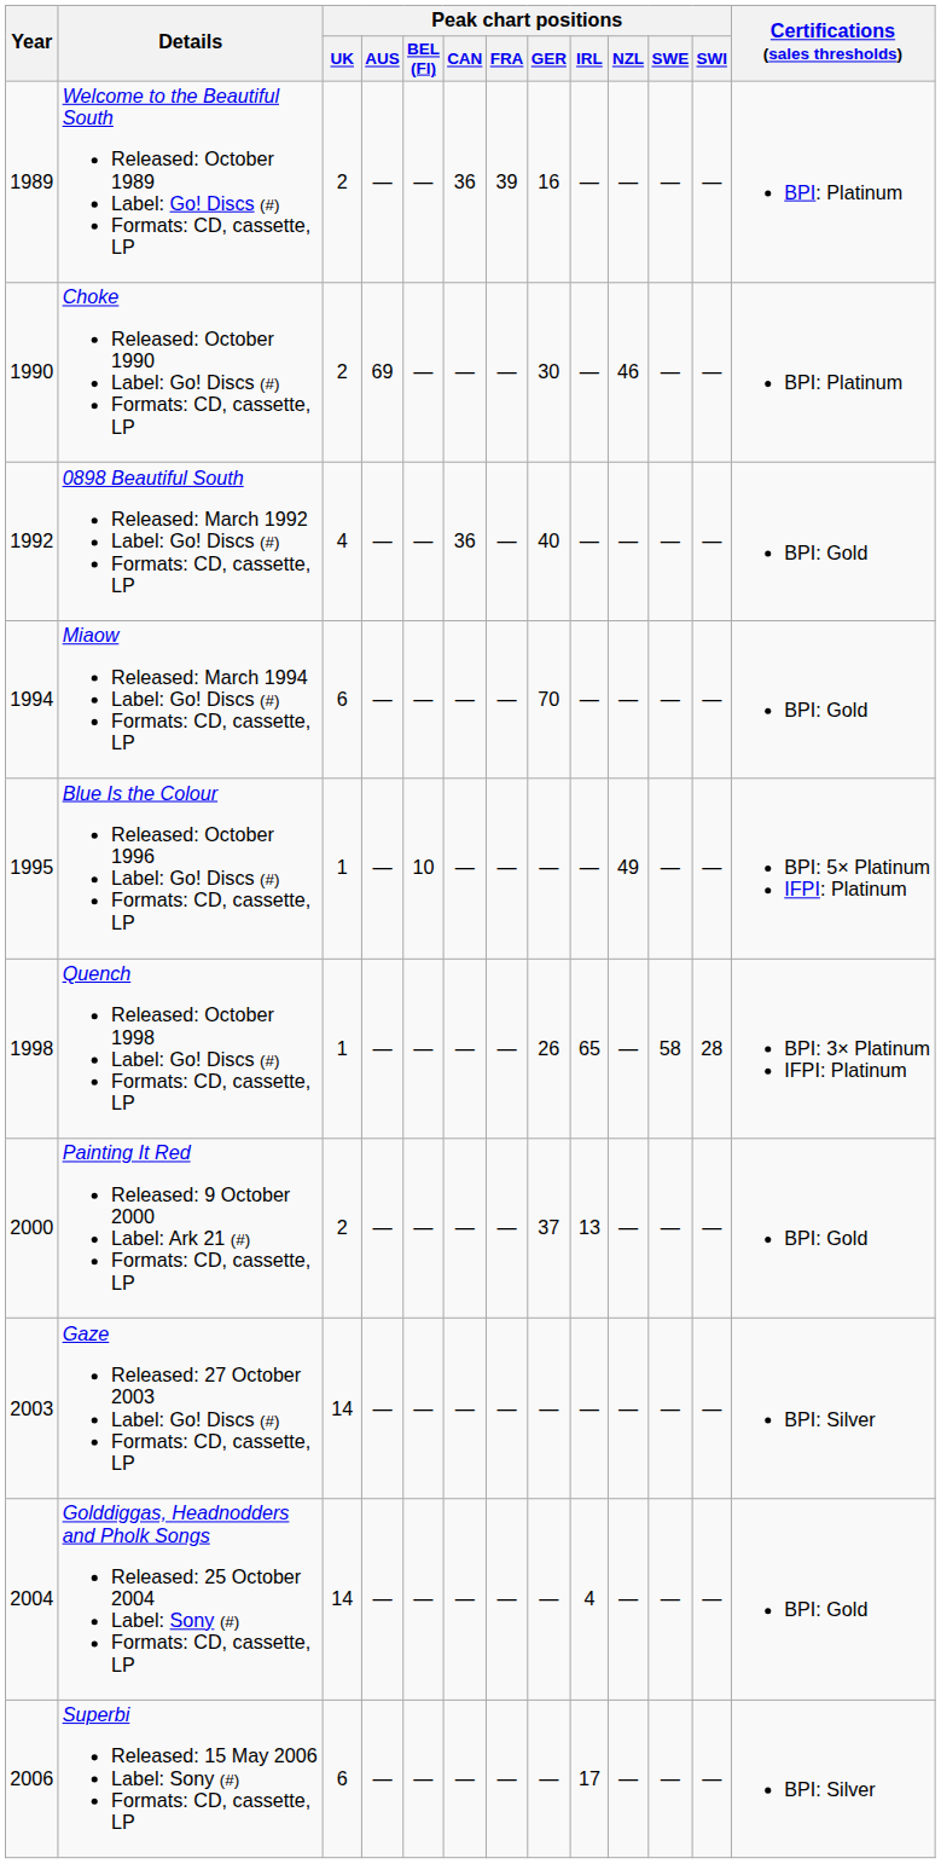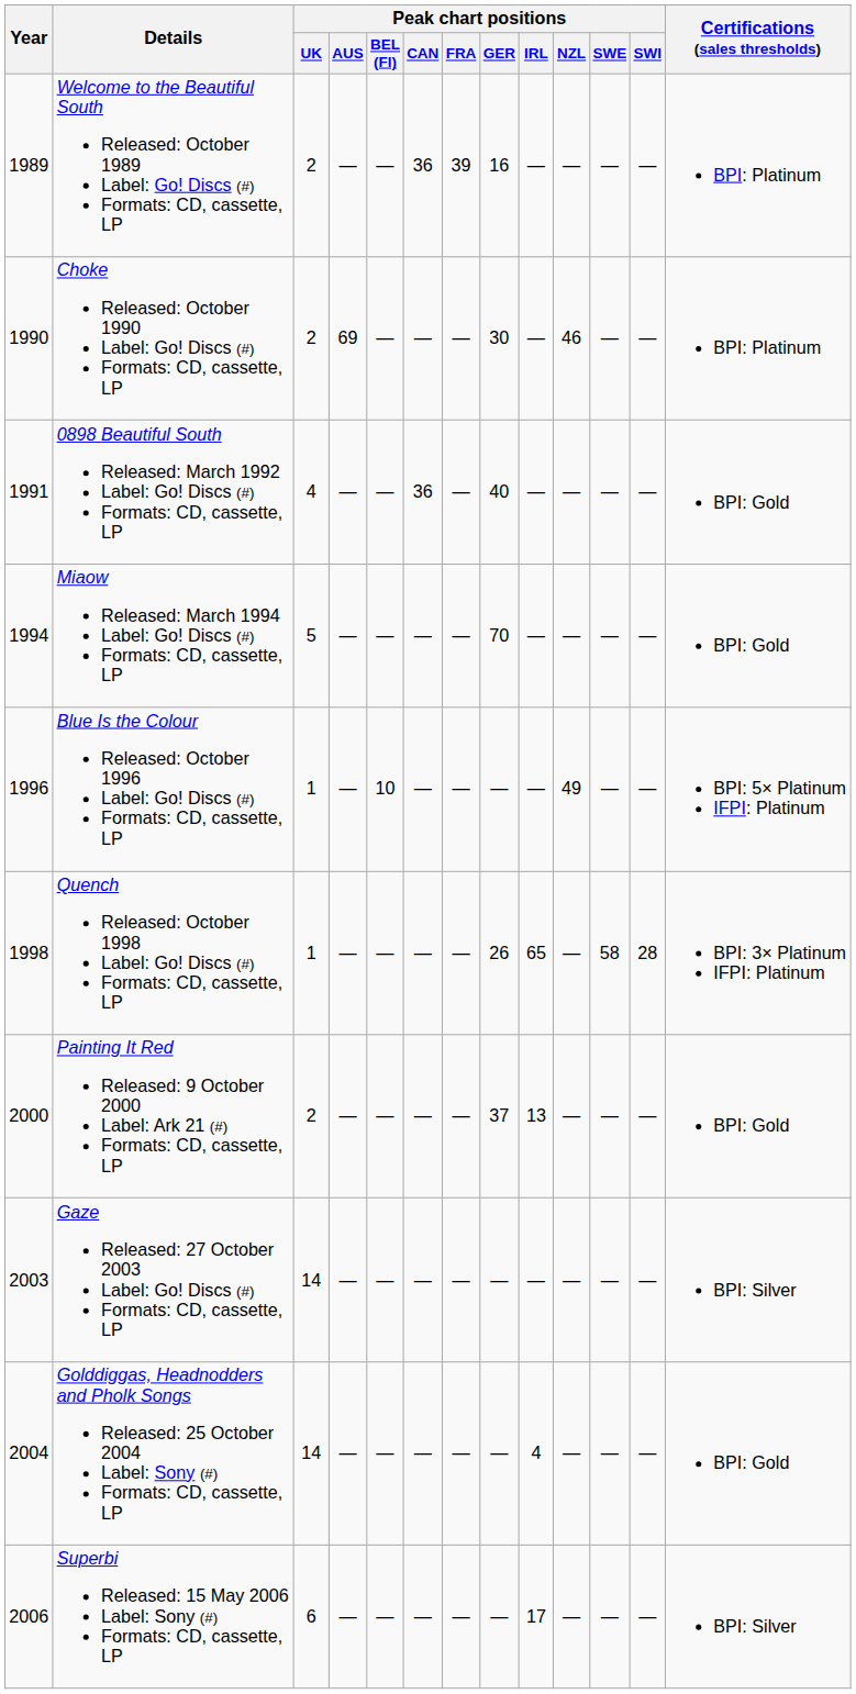 <table class="wikitable" style="text-align:center;">
 <tr>
 <th rowspan="2">Year</th>
 <th width="210" rowspan="2">Details</th>
 <th colspan="10">Peak chart positions</th>
 <th rowspan="2"><a href='#'>Certifications</a><br><small>(<a href='#'>sales thresholds</a>)</small></th>
 </tr>
 <tr style="font-size:smaller">
 <th width="25"><a href='#'>UK</a><br></th>
 <th width="25"><a href='#'>AUS</a><br></th>
 <th width="25"><a href='#'>BEL (Fl)</a><br></th>
 <th width="25"><a href='#'>CAN</a><br></th>
 <th width="25"><a href='#'>FRA</a><br></th>
 <th width="25"><a href='#'>GER</a><br></th>
 <th width="25"><a href='#'>IRL</a><br></th>
 <th width="25"><a href='#'>NZL</a><br></th>
 <th width="25"><a href='#'>SWE</a><br></th>
 <th width="25"><a href='#'>SWI</a><br></th>
 </tr>
 <tr>
 <td>1989</td>
 <td align="left"><em><a href='#'>Welcome to the Beautiful South</a></em><br><ul><li>Released: October 1989</li><li>Label: <a href='#'>Go! Discs</a> <small>(#)</small></li><li>Formats: CD, cassette, LP</li></ul></td>
 <td>2</td>
 <td>—</td>
 <td>—</td>
 <td>36</td>
 <td>39</td>
 <td>16</td>
 <td>—</td>
 <td>—</td>
 <td>—</td>
 <td>—</td>
 <td align="left"><br><ul><li><a href='#'>BPI</a>: Platinum</li></ul></td>
 </tr>
 <tr>
 <td>1990</td>
 <td align="left"><em><a href='#'>Choke</a></em><br><ul><li>Released: October 1990</li><li>Label: Go! Discs <small>(#)</small></li><li>Formats: CD, cassette, LP</li></ul></td>
 <td>2</td>
 <td>69</td>
 <td>—</td>
 <td>—</td>
 <td>—</td>
 <td>30</td>
 <td>—</td>
 <td>46</td>
 <td>—</td>
 <td>—</td>
 <td align="left"><br><ul><li>BPI: Platinum</li></ul></td>
 </tr>
 <tr>
-<td>1992</td>
+<td>1991</td>
 <td align="left"><em><a href='#'>0898 Beautiful South</a></em><br><ul><li>Released: March 1992</li><li>Label: Go! Discs <small>(#)</small></li><li>Formats: CD, cassette, LP</li></ul></td>
 <td>4</td>
 <td>—</td>
 <td>—</td>
 <td>36</td>
 <td>—</td>
 <td>40</td>
 <td>—</td>
 <td>—</td>
 <td>—</td>
 <td>—</td>
 <td align="left"><br><ul><li>BPI: Gold</li></ul></td>
 </tr>
 <tr>
 <td>1994</td>
 <td align="left"><em><a href='#'>Miaow</a></em><br><ul><li>Released: March 1994</li><li>Label: Go! Discs <small>(#)</small></li><li>Formats: CD, cassette, LP</li></ul></td>
-<td>6</td>
+<td>5</td>
 <td>—</td>
 <td>—</td>
 <td>—</td>
 <td>—</td>
 <td>70</td>
 <td>—</td>
 <td>—</td>
 <td>—</td>
 <td>—</td>
 <td align="left"><br><ul><li>BPI: Gold</li></ul></td>
 </tr>
 <tr>
-<td>1995</td>
+<td>1996</td>
 <td align="left"><em><a href='#'>Blue Is the Colour</a></em><br><ul><li>Released: October 1996</li><li>Label: Go! Discs <small>(#)</small></li><li>Formats: CD, cassette, LP</li></ul></td>
 <td>1</td>
 <td>—</td>
 <td>10</td>
 <td>—</td>
 <td>—</td>
 <td>—</td>
 <td>—</td>
 <td>49</td>
 <td>—</td>
 <td>—</td>
 <td align="left"><br><ul><li>BPI: 5× Platinum</li><li><a href='#'>IFPI</a>: Platinum</li></ul></td>
 </tr>
 <tr>
 <td>1998</td>
 <td align="left"><em><a href='#'>Quench</a></em><br><ul><li>Released: October 1998</li><li>Label: Go! Discs <small>(#)</small></li><li>Formats: CD, cassette, LP</li></ul></td>
 <td>1</td>
 <td>—</td>
 <td>—</td>
 <td>—</td>
 <td>—</td>
 <td>26</td>
 <td>65</td>
 <td>—</td>
 <td>58</td>
 <td>28</td>
 <td align="left"><br><ul><li>BPI: 3× Platinum</li><li>IFPI: Platinum</li></ul></td>
 </tr>
 <tr>
 <td>2000</td>
 <td align="left"><em><a href='#'>Painting It Red</a></em><br><ul><li>Released: 9 October 2000</li><li>Label: Ark 21 <small>(#)</small></li><li>Formats: CD, cassette, LP</li></ul></td>
 <td>2</td>
 <td>—</td>
 <td>—</td>
 <td>—</td>
 <td>—</td>
 <td>37</td>
 <td>13</td>
 <td>—</td>
 <td>—</td>
 <td>—</td>
 <td align="left"><br><ul><li>BPI: Gold</li></ul></td>
 </tr>
 <tr>
 <td>2003</td>
 <td align="left"><em><a href='#'>Gaze</a></em><br><ul><li>Released: 27 October 2003</li><li>Label: Go! Discs <small>(#)</small></li><li>Formats: CD, cassette, LP</li></ul></td>
 <td>14</td>
 <td>—</td>
 <td>—</td>
 <td>—</td>
 <td>—</td>
 <td>—</td>
 <td>—</td>
 <td>—</td>
 <td>—</td>
 <td>—</td>
 <td align="left"><br><ul><li>BPI: Silver</li></ul></td>
 </tr>
 <tr>
 <td>2004</td>
 <td align="left"><em><a href='#'>Golddiggas, Headnodders and Pholk Songs</a></em><br><ul><li>Released: 25 October 2004</li><li>Label: <a href='#'>Sony</a> <small>(#)</small></li><li>Formats: CD, cassette, LP</li></ul></td>
 <td>14</td>
 <td>—</td>
 <td>—</td>
 <td>—</td>
 <td>—</td>
 <td>—</td>
 <td>4</td>
 <td>—</td>
 <td>—</td>
 <td>—</td>
 <td align="left"><br><ul><li>BPI: Gold</li></ul></td>
 </tr>
 <tr>
 <td>2006</td>
 <td align="left"><em><a href='#'>Superbi</a></em><br><ul><li>Released: 15 May 2006</li><li>Label: Sony <small>(#)</small></li><li>Formats: CD, cassette, LP</li></ul></td>
 <td>6</td>
 <td>—</td>
 <td>—</td>
 <td>—</td>
 <td>—</td>
 <td>—</td>
 <td>17</td>
 <td>—</td>
 <td>—</td>
 <td>—</td>
 <td align="left"><br><ul><li>BPI: Silver</li></ul></td>
 </tr>
 </table>
